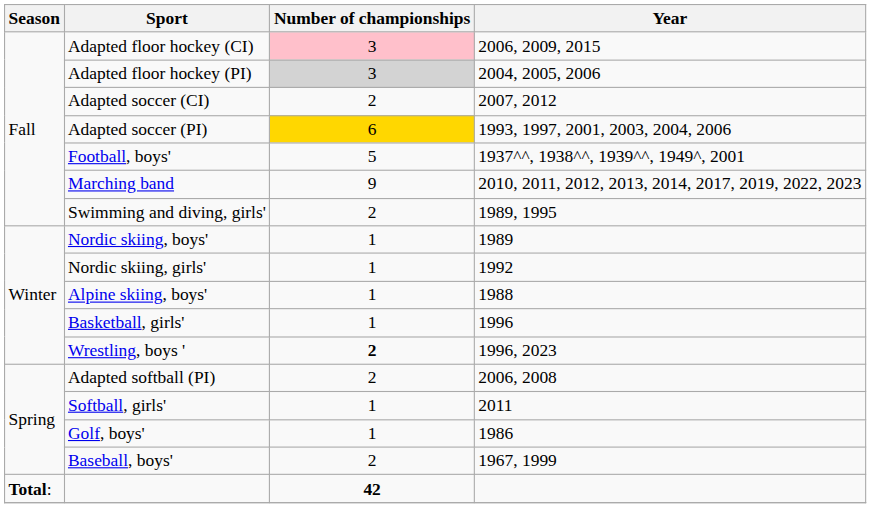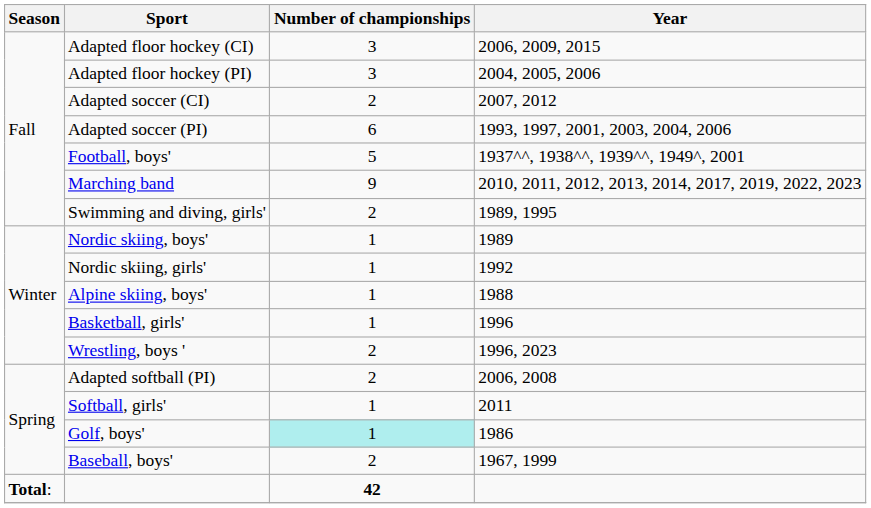 <table class="wikitable">
 <tr>
 <th>Season</th>
 <th>Sport</th>
 <th>Number of championships</th>
 <th>Year</th>
 </tr>
 <tr>
 <td rowspan="7">Fall</td>
 <td>Adapted floor hockey (CI)</td>
-<td align="center" style="background: pink;">3</td>
+<td align="center">3</td>
 <td>2006, 2009, 2015</td>
 </tr>
 <tr>
 <td>Adapted floor hockey (PI)</td>
-<td align="center" style="background: lightgrey;">3</td>
+<td align="center">3</td>
 <td>2004, 2005, 2006</td>
 </tr>
 <tr>
 <td>Adapted soccer (CI)</td>
 <td align="center">2</td>
 <td>2007, 2012</td>
 </tr>
 <tr>
 <td>Adapted soccer (PI)</td>
-<td align="center" style="background: gold;">6</td>
+<td align="center">6</td>
 <td>1993, 1997, 2001, 2003, 2004, 2006</td>
 </tr>
 <tr>
 <td><a href='#'>Football</a>, boys'</td>
 <td align="center">5</td>
 <td>1937^^, 1938^^, 1939^^, 1949^, 2001</td>
 </tr>
 <tr>
 <td><a href='#'>Marching band</a></td>
 <td align="center">9</td>
 <td>2010, 2011, 2012, 2013, 2014, 2017, 2019, 2022, 2023</td>
 </tr>
 <tr>
 <td>Swimming and diving, girls'</td>
 <td align="center">2</td>
 <td>1989, 1995</td>
 </tr>
 <tr>
 <td rowspan="5">Winter</td>
 <td><a href='#'>Nordic skiing</a>, boys'</td>
 <td align="center">1</td>
 <td>1989</td>
 </tr>
 <tr>
 <td>Nordic skiing, girls'</td>
 <td align="center">1</td>
 <td>1992</td>
 </tr>
 <tr>
 <td><a href='#'>Alpine skiing</a>, boys'</td>
 <td align="center">1</td>
 <td>1988</td>
 </tr>
 <tr>
 <td><a href='#'>Basketball</a>, girls'</td>
 <td align="center">1</td>
 <td>1996</td>
 </tr>
 <tr>
 <td><a href='#'>Wrestling</a>, boys '</td>
-<td align="center"><strong>2</strong></td>
+<td align="center">2</td>
 <td>1996, 2023</td>
 </tr>
 <tr>
 <td rowspan="4">Spring</td>
 <td>Adapted softball (PI)</td>
 <td align="center">2</td>
 <td>2006, 2008</td>
 </tr>
 <tr>
 <td><a href='#'>Softball</a>, girls'</td>
 <td align="center">1</td>
 <td>2011</td>
 </tr>
 <tr>
 <td><a href='#'>Golf</a>, boys'</td>
-<td align="center">1</td>
+<td align="center" style="background: paleturquoise;">1</td>
 <td>1986</td>
 </tr>
 <tr>
 <td><a href='#'>Baseball</a>, boys'</td>
 <td align="center">2</td>
 <td>1967, 1999</td>
 </tr>
 <tr>
 <td rowspan="1"><strong>Total</strong>:</td>
 <td></td>
 <td align="center"><strong>42</strong></td>
 <td></td>
 </tr>
 <tr>
 </tr>
 </table>
